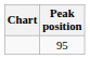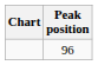 <table class="wikitable">
 <tr>
 <th>Chart</th>
 <th>Peak<br>position</th>
 </tr>
 <tr>
 <td></td>
-<td align="center">95</td>
+<td align="center">96</td>
 </tr>
 </table>
